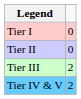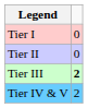 <table class="wikitable sortable mw-collapsible mw-collapsed">
 <tr>
 <th>Legend</th>
 </tr>
 <tr style="background:#ffcccc;">
 <td>Tier I</td>
 <td align="center">0</td>
 </tr>
 <tr style="background:#ccccff;">
 <td>Tier II</td>
 <td align="center">0</td>
 </tr>
 <tr style="background:#ccffcc;">
 <td>Tier III</td>
-<td align="center">2</td>
+<td align="center"><strong>2</strong></td>
 </tr>
 <tr style="background:#66ccff;">
 <td>Tier IV & V</td>
 <td align="center">2</td>
 </tr>
 </table>
